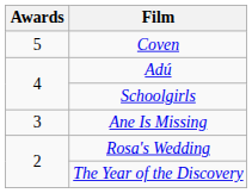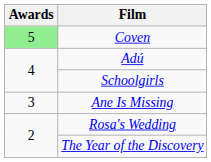 <table class="wikitable plainrowheaders" style="text-align: center">
 <tr>
 <th scope="col" style="width:55px;">Awards</th>
 <th scope="col" style="text-align:center;">Film</th>
 </tr>
 <tr>
-<td scope=row style="text-align:center">5</td>
+<td scope=row style="background: lightgreen; text-align:center">5</td>
 <td><em><a href='#'>Coven</a></em></td>
 </tr>
 <tr>
 <td scope=row style="text-align:center" rowspan=2>4</td>
 <td><em><a href='#'>Adú</a></em></td>
 </tr>
 <tr>
 <td><em><a href='#'>Schoolgirls</a></em></td>
 </tr>
 <tr>
 <td scope=row style="text-align:center">3</td>
 <td><em><a href='#'>Ane Is Missing</a></em></td>
 </tr>
 <tr>
 <td scope=row style="text-align:center" rowspan=2>2</td>
 <td><em><a href='#'>Rosa's Wedding</a></em></td>
 </tr>
 <tr>
 <td><em><a href='#'>The Year of the Discovery</a></em></td>
 </tr>
 </table>
